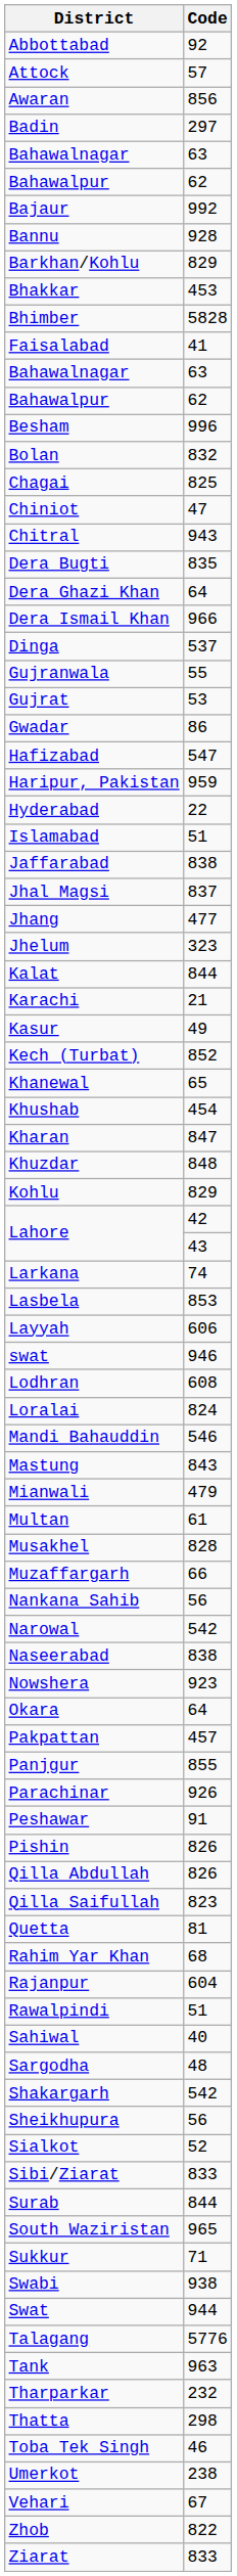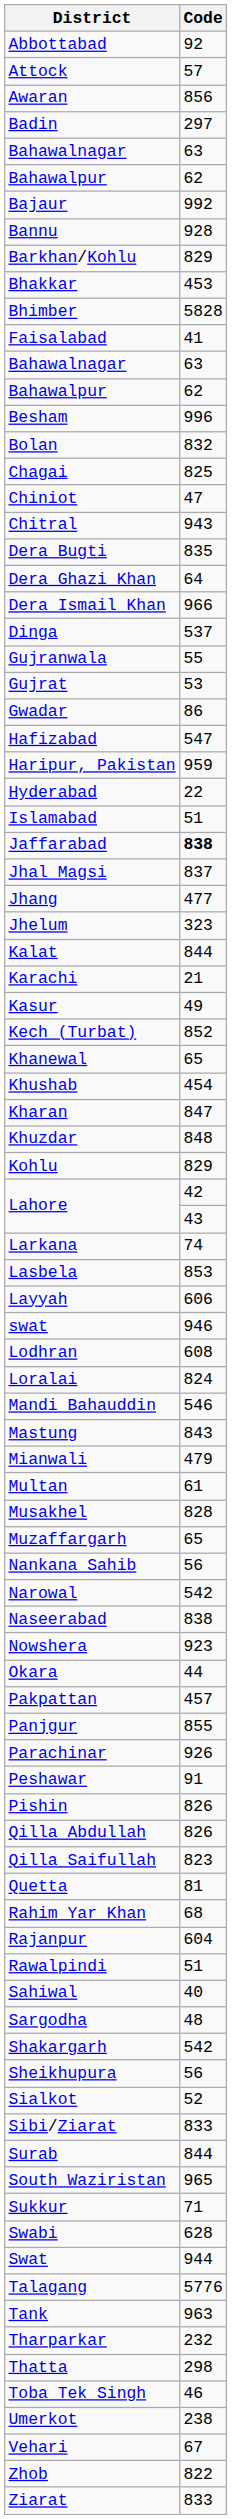 <table class="wikitable sortable">
 <tr>
 <th>District</th>
 <th>Code</th>
 </tr>
 <tr>
 <td><a href='#'>Abbottabad</a></td>
 <td>92</td>
 </tr>
 <tr>
 <td><a href='#'>Attock</a></td>
 <td>57</td>
 </tr>
 <tr>
 <td><a href='#'>Awaran</a></td>
 <td>856</td>
 </tr>
 <tr>
 <td><a href='#'>Badin</a></td>
 <td>297</td>
 </tr>
 <tr>
 <td><a href='#'>Bahawalnagar</a></td>
 <td>63</td>
 </tr>
 <tr>
 <td><a href='#'>Bahawalpur</a></td>
 <td>62</td>
 </tr>
 <tr>
 <td><a href='#'>Bajaur</a></td>
 <td>992</td>
 </tr>
 <tr>
 <td><a href='#'>Bannu</a></td>
 <td>928</td>
 </tr>
 <tr>
 <td><a href='#'>Barkhan</a>/<a href='#'>Kohlu</a></td>
 <td>829</td>
 </tr>
 <tr>
 <td><a href='#'>Bhakkar</a></td>
 <td>453</td>
 </tr>
 <tr>
 <td><a href='#'>Bhimber</a></td>
 <td>5828</td>
 </tr>
 <tr>
 <td><a href='#'>Faisalabad</a></td>
 <td>41</td>
 </tr>
 <tr>
 <td><a href='#'>Bahawalnagar</a></td>
 <td>63</td>
 </tr>
 <tr>
 <td><a href='#'>Bahawalpur</a></td>
 <td>62</td>
 </tr>
 <tr>
 <td><a href='#'>Besham</a></td>
 <td>996</td>
 </tr>
 <tr>
 <td><a href='#'>Bolan</a></td>
 <td>832</td>
 </tr>
 <tr>
 <td><a href='#'>Chagai</a></td>
 <td>825</td>
 </tr>
 <tr>
 <td><a href='#'>Chiniot</a></td>
 <td>47</td>
 </tr>
 <tr>
 <td><a href='#'>Chitral</a></td>
 <td>943</td>
 </tr>
 <tr>
 <td><a href='#'>Dera Bugti</a></td>
 <td>835</td>
 </tr>
 <tr>
 <td><a href='#'>Dera Ghazi Khan</a></td>
 <td>64</td>
 </tr>
 <tr>
 <td><a href='#'>Dera Ismail Khan</a></td>
 <td>966</td>
 </tr>
 <tr>
 <td><a href='#'>Dinga</a></td>
 <td>537</td>
 </tr>
 <tr>
 <td><a href='#'>Gujranwala</a></td>
 <td>55</td>
 </tr>
 <tr>
 <td><a href='#'>Gujrat</a></td>
 <td>53</td>
 </tr>
 <tr>
 <td><a href='#'>Gwadar</a></td>
 <td>86</td>
 </tr>
 <tr>
 <td><a href='#'>Hafizabad</a></td>
 <td>547</td>
 </tr>
 <tr>
 <td><a href='#'>Haripur, Pakistan</a></td>
 <td>959</td>
 </tr>
 <tr>
 <td><a href='#'>Hyderabad</a></td>
 <td>22</td>
 </tr>
 <tr>
 <td><a href='#'>Islamabad</a></td>
 <td>51</td>
 </tr>
 <tr>
 <td><a href='#'>Jaffarabad</a></td>
-<td>838</td>
+<td><strong>838</strong></td>
 </tr>
 <tr>
 <td><a href='#'>Jhal Magsi</a></td>
 <td>837</td>
 </tr>
 <tr>
 <td><a href='#'>Jhang</a></td>
 <td>477</td>
 </tr>
 <tr>
 <td><a href='#'>Jhelum</a></td>
 <td>323</td>
 </tr>
 <tr>
 <td><a href='#'>Kalat</a></td>
 <td>844</td>
 </tr>
 <tr>
 <td><a href='#'>Karachi</a></td>
 <td>21</td>
 </tr>
 <tr>
 <td><a href='#'>Kasur</a></td>
 <td>49</td>
 </tr>
 <tr>
 <td><a href='#'>Kech (Turbat)</a></td>
 <td>852</td>
 </tr>
 <tr>
 <td><a href='#'>Khanewal</a></td>
 <td>65</td>
 </tr>
 <tr>
 <td><a href='#'>Khushab</a></td>
 <td>454</td>
 </tr>
 <tr>
 <td><a href='#'>Kharan</a></td>
 <td>847</td>
 </tr>
 <tr>
 <td><a href='#'>Khuzdar</a></td>
 <td>848</td>
 </tr>
 <tr>
 <td><a href='#'>Kohlu</a></td>
 <td>829</td>
 </tr>
 <tr>
 <td rowspan="2"><a href='#'>Lahore</a></td>
 <td>42</td>
 </tr>
 <tr>
 <td>43</td>
 </tr>
 <tr>
 <td><a href='#'>Larkana</a></td>
 <td>74</td>
 </tr>
 <tr>
 <td><a href='#'>Lasbela</a></td>
 <td>853</td>
 </tr>
 <tr>
 <td><a href='#'>Layyah</a></td>
 <td>606</td>
 </tr>
 <tr>
 <td><a href='#'>swat</a></td>
 <td>946</td>
 </tr>
 <tr>
 <td><a href='#'>Lodhran</a></td>
 <td>608</td>
 </tr>
 <tr>
 <td><a href='#'>Loralai</a></td>
 <td>824</td>
 </tr>
 <tr>
 <td><a href='#'>Mandi Bahauddin</a></td>
 <td>546</td>
 </tr>
 <tr>
 <td><a href='#'>Mastung</a></td>
 <td>843</td>
 </tr>
 <tr>
 <td><a href='#'>Mianwali</a></td>
 <td>479</td>
 </tr>
 <tr>
 <td><a href='#'>Multan</a></td>
 <td>61</td>
 </tr>
 <tr>
 <td><a href='#'>Musakhel</a></td>
 <td>828</td>
 </tr>
 <tr>
 <td><a href='#'>Muzaffargarh</a></td>
-<td>66</td>
+<td>65</td>
 </tr>
 <tr>
 <td><a href='#'>Nankana Sahib</a></td>
 <td>56</td>
 </tr>
 <tr>
 <td><a href='#'>Narowal</a></td>
 <td>542</td>
 </tr>
 <tr>
 <td><a href='#'>Naseerabad</a></td>
 <td>838</td>
 </tr>
 <tr>
 <td><a href='#'>Nowshera</a></td>
 <td>923</td>
 </tr>
 <tr>
 <td><a href='#'>Okara</a></td>
-<td>64</td>
+<td>44</td>
 </tr>
 <tr>
 <td><a href='#'>Pakpattan</a></td>
 <td>457</td>
 </tr>
 <tr>
 <td><a href='#'>Panjgur</a></td>
 <td>855</td>
 </tr>
 <tr>
 <td><a href='#'>Parachinar</a></td>
 <td>926</td>
 </tr>
 <tr>
 <td><a href='#'>Peshawar</a></td>
 <td>91</td>
 </tr>
 <tr>
 <td><a href='#'>Pishin</a></td>
 <td>826</td>
 </tr>
 <tr>
 <td><a href='#'>Qilla Abdullah</a></td>
 <td>826</td>
 </tr>
 <tr>
 <td><a href='#'>Qilla Saifullah</a></td>
 <td>823</td>
 </tr>
 <tr>
 <td><a href='#'>Quetta</a></td>
 <td>81</td>
 </tr>
 <tr>
 <td><a href='#'>Rahim Yar Khan</a></td>
 <td>68</td>
 </tr>
 <tr>
 <td><a href='#'>Rajanpur</a></td>
 <td>604</td>
 </tr>
 <tr>
 <td><a href='#'>Rawalpindi</a></td>
 <td>51</td>
 </tr>
 <tr>
 <td><a href='#'>Sahiwal</a></td>
 <td>40</td>
 </tr>
 <tr>
 <td><a href='#'>Sargodha</a></td>
 <td>48</td>
 </tr>
 <tr>
 <td><a href='#'>Shakargarh</a></td>
 <td>542</td>
 </tr>
 <tr>
 <td><a href='#'>Sheikhupura</a></td>
 <td>56</td>
 </tr>
 <tr>
 <td><a href='#'>Sialkot</a></td>
 <td>52</td>
 </tr>
 <tr>
 <td><a href='#'>Sibi</a>/<a href='#'>Ziarat</a></td>
 <td>833</td>
 </tr>
 <tr>
 <td><a href='#'>Surab</a></td>
 <td>844</td>
 </tr>
 <tr>
 <td><a href='#'>South Waziristan</a></td>
 <td>965</td>
 </tr>
 <tr>
 <td><a href='#'>Sukkur</a></td>
 <td>71</td>
 </tr>
 <tr>
 <td><a href='#'>Swabi</a></td>
-<td>938</td>
+<td>628</td>
 </tr>
 <tr>
 <td><a href='#'>Swat</a></td>
 <td>944</td>
 </tr>
 <tr>
 <td><a href='#'>Talagang</a></td>
 <td>5776</td>
 </tr>
 <tr>
 <td><a href='#'>Tank</a></td>
 <td>963</td>
 </tr>
 <tr>
 <td><a href='#'>Tharparkar</a></td>
 <td>232</td>
 </tr>
 <tr>
 <td><a href='#'>Thatta</a></td>
 <td>298</td>
 </tr>
 <tr>
 <td><a href='#'>Toba Tek Singh</a></td>
 <td>46</td>
 </tr>
 <tr>
 <td><a href='#'>Umerkot</a></td>
 <td>238</td>
 </tr>
 <tr>
 <td><a href='#'>Vehari</a></td>
 <td>67</td>
 </tr>
 <tr>
 <td><a href='#'>Zhob</a></td>
 <td>822</td>
 </tr>
 <tr>
 <td><a href='#'>Ziarat</a></td>
 <td>833</td>
 </tr>
 </table>
